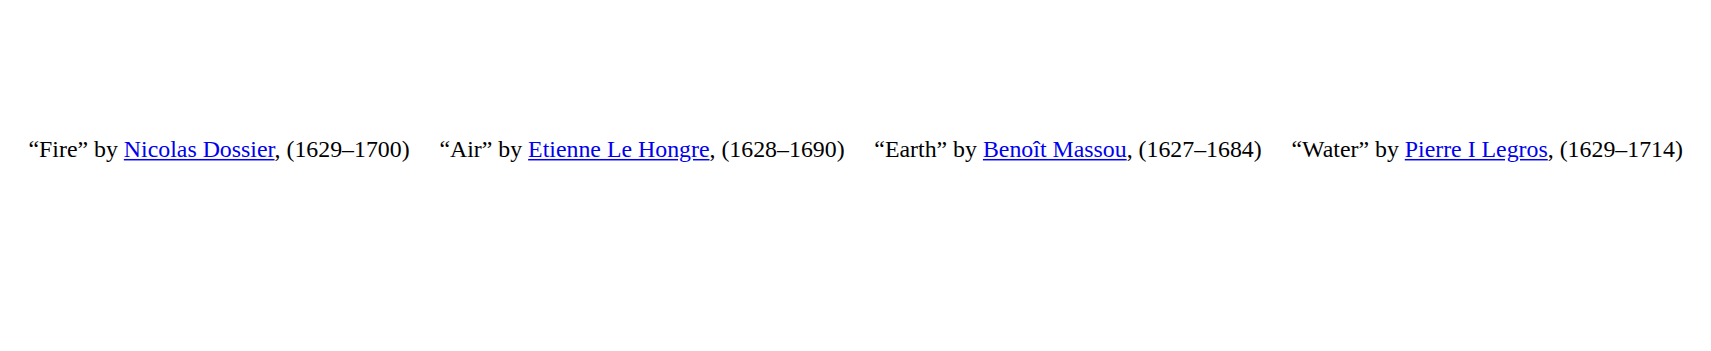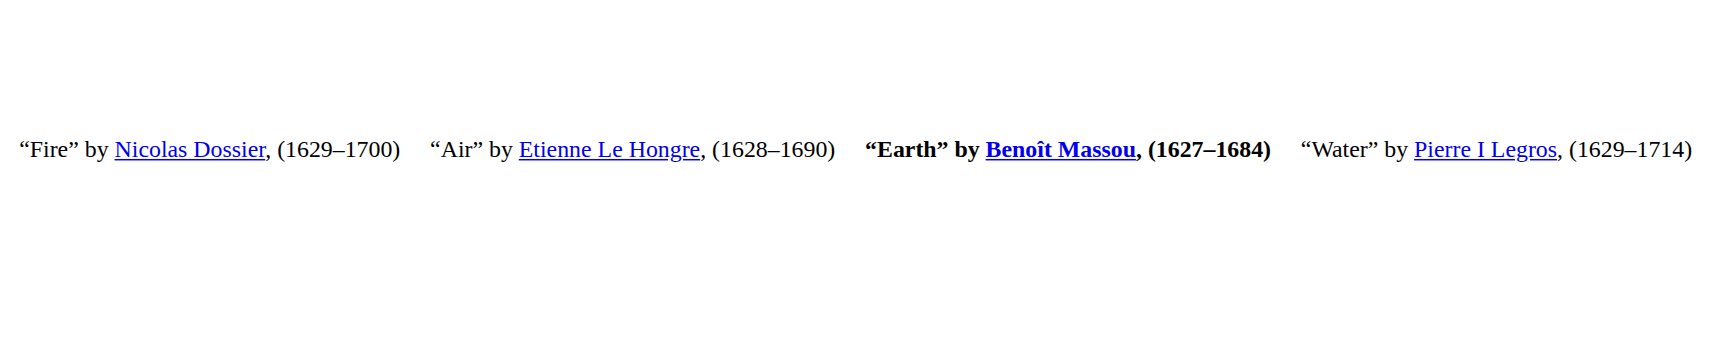 <table style="background:white; color:black" border="0" height="230" align="center" valign="bottom" cellpadding=10px cellspacing=0px>
 <tr align="center">
 <td></td>
 <td></td>
 <td></td>
 <td></td>
 </tr>
 <tr align="center" valign="top">
 <td width=“200”>“Fire” by <a href='#'>Nicolas Dossier</a>, (1629–1700)</td>
 <td width=“200”>“Air” by <a href='#'>Etienne Le Hongre</a>, (1628–1690)</td>
-<td width=“200”>“Earth” by <a href='#'>Benoît Massou</a>, (1627–1684)</td>
+<td width=“200”><strong>“Earth” by <a href='#'>Benoît Massou</a>, (1627–1684)</strong></td>
 <td width=“200”>“Water” by <a href='#'>Pierre I Legros</a>, (1629–1714)</td>
 </tr>
 </table>
